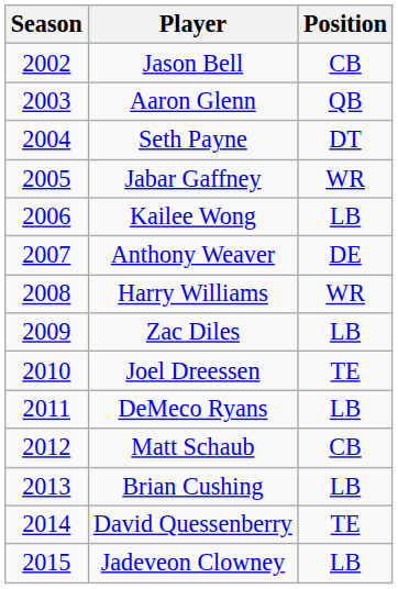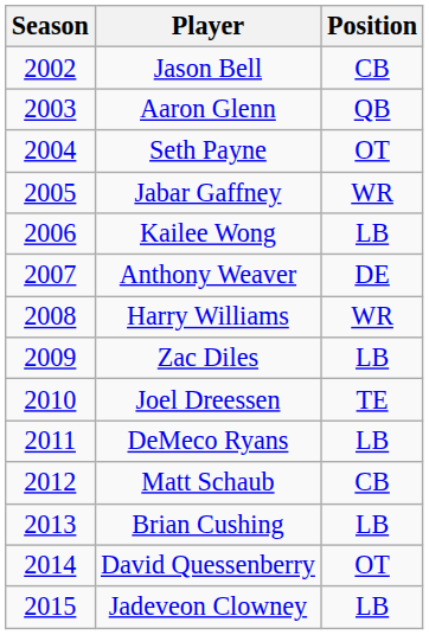 <table class="wikitable" style="text-align:center">
 <tr bgcolor="#efefef">
 <th>Season</th>
 <th>Player</th>
 <th>Position</th>
 </tr>
 <tr>
 <td><a href='#'>2002</a></td>
 <td><a href='#'>Jason Bell</a></td>
 <td><a href='#'>CB</a></td>
 </tr>
 <tr>
 <td><a href='#'>2003</a></td>
 <td><a href='#'>Aaron Glenn</a></td>
 <td><a href='#'>QB</a></td>
 </tr>
 <tr>
 <td><a href='#'>2004</a></td>
 <td><a href='#'>Seth Payne</a></td>
-<td><a href='#'>DT</a></td>
+<td><a href='#'>OT</a></td>
 </tr>
 <tr>
 <td><a href='#'>2005</a></td>
 <td><a href='#'>Jabar Gaffney</a></td>
 <td><a href='#'>WR</a></td>
 </tr>
 <tr>
 <td><a href='#'>2006</a></td>
 <td><a href='#'>Kailee Wong</a></td>
 <td><a href='#'>LB</a></td>
 </tr>
 <tr>
 <td><a href='#'>2007</a></td>
 <td><a href='#'>Anthony Weaver</a></td>
 <td><a href='#'>DE</a></td>
 </tr>
 <tr>
 <td><a href='#'>2008</a></td>
 <td><a href='#'>Harry Williams</a></td>
 <td><a href='#'>WR</a></td>
 </tr>
 <tr>
 <td><a href='#'>2009</a></td>
 <td><a href='#'>Zac Diles</a></td>
 <td><a href='#'>LB</a></td>
 </tr>
 <tr>
 <td><a href='#'>2010</a></td>
 <td><a href='#'>Joel Dreessen</a></td>
 <td><a href='#'>TE</a></td>
 </tr>
 <tr>
 <td><a href='#'>2011</a></td>
 <td><a href='#'>DeMeco Ryans</a></td>
 <td><a href='#'>LB</a></td>
 </tr>
 <tr>
 <td><a href='#'>2012</a></td>
 <td><a href='#'>Matt Schaub</a></td>
 <td><a href='#'>CB</a></td>
 </tr>
 <tr>
 <td><a href='#'>2013</a></td>
 <td><a href='#'>Brian Cushing</a></td>
 <td><a href='#'>LB</a></td>
 </tr>
 <tr>
 <td><a href='#'>2014</a></td>
 <td><a href='#'>David Quessenberry</a></td>
-<td><a href='#'>TE</a></td>
+<td><a href='#'>OT</a></td>
 </tr>
 <tr>
 <td><a href='#'>2015</a></td>
 <td><a href='#'>Jadeveon Clowney</a></td>
 <td><a href='#'>LB</a></td>
 </tr>
 </table>
